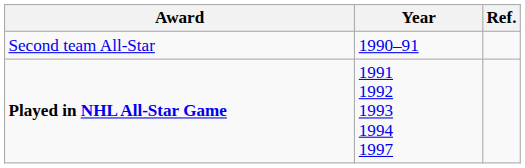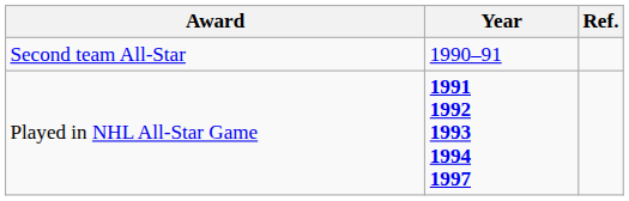 <table class="wikitable">
 <tr>
 <th scope="col" style="width:20em">Award</th>
 <th scope="col" style="width:7em">Year</th>
 <th scope="col">Ref.</th>
 </tr>
 <tr>
 <td><a href='#'>Second team All-Star</a></td>
 <td><a href='#'>1990–91</a></td>
 <td></td>
 </tr>
 <tr>
-<td><strong>Played in <a href='#'>NHL All-Star Game</a></strong></td>
-<td><a href='#'>1991</a><br><a href='#'>1992</a><br><a href='#'>1993</a><br><a href='#'>1994</a><br><a href='#'>1997</a></td>
+<td>Played in <a href='#'>NHL All-Star Game</a></td>
+<td><strong><a href='#'>1991</a><br><a href='#'>1992</a><br><a href='#'>1993</a><br><a href='#'>1994</a><br><a href='#'>1997</a></strong></td>
 <td></td>
 </tr>
 </table>
